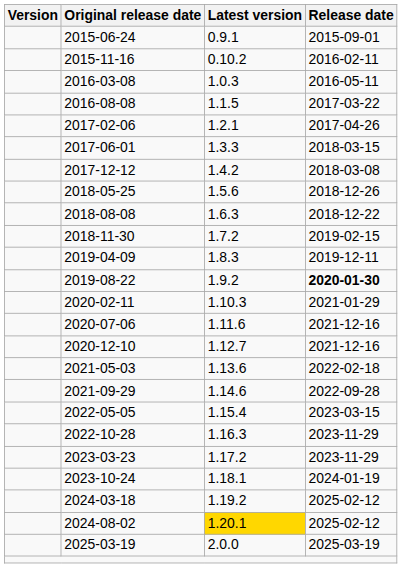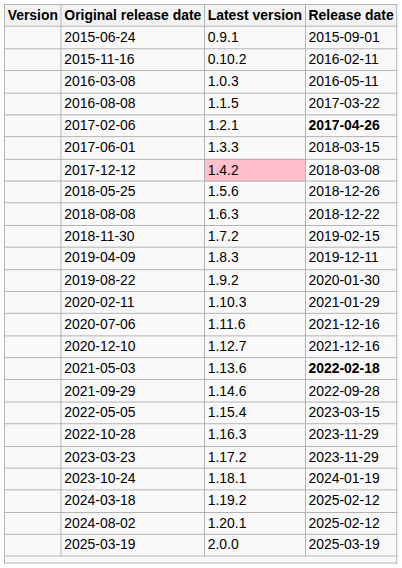 <table class="wikitable">
 <tr>
 <th>Version</th>
 <th>Original release date</th>
 <th>Latest version</th>
 <th>Release date</th>
 </tr>
 <tr>
 <td></td>
 <td>2015-06-24</td>
 <td>0.9.1</td>
 <td>2015-09-01</td>
 </tr>
 <tr>
 <td></td>
 <td>2015-11-16</td>
 <td>0.10.2</td>
 <td>2016-02-11</td>
 </tr>
 <tr>
 <td></td>
 <td>2016-03-08</td>
 <td>1.0.3</td>
 <td>2016-05-11</td>
 </tr>
 <tr>
 <td></td>
 <td>2016-08-08</td>
 <td>1.1.5</td>
 <td>2017-03-22</td>
 </tr>
 <tr>
 <td></td>
 <td>2017-02-06</td>
 <td>1.2.1</td>
-<td>2017-04-26</td>
+<td><strong>2017-04-26</strong></td>
 </tr>
 <tr>
 <td></td>
 <td>2017-06-01</td>
 <td>1.3.3</td>
 <td>2018-03-15</td>
 </tr>
 <tr>
 <td></td>
 <td>2017-12-12</td>
-<td>1.4.2</td>
+<td style="background: pink;">1.4.2</td>
 <td>2018-03-08</td>
 </tr>
 <tr>
 <td></td>
 <td>2018-05-25</td>
 <td>1.5.6</td>
 <td>2018-12-26</td>
 </tr>
 <tr>
 <td></td>
 <td>2018-08-08</td>
 <td>1.6.3</td>
 <td>2018-12-22</td>
 </tr>
 <tr>
 <td></td>
 <td>2018-11-30</td>
 <td>1.7.2</td>
 <td>2019-02-15</td>
 </tr>
 <tr>
 <td></td>
 <td>2019-04-09</td>
 <td>1.8.3</td>
 <td>2019-12-11</td>
 </tr>
 <tr>
 <td></td>
 <td>2019-08-22</td>
 <td>1.9.2</td>
-<td><strong>2020-01-30</strong></td>
+<td>2020-01-30</td>
 </tr>
 <tr>
 <td></td>
 <td>2020-02-11</td>
 <td>1.10.3</td>
 <td>2021-01-29</td>
 </tr>
 <tr>
 <td></td>
 <td>2020-07-06</td>
 <td>1.11.6</td>
 <td>2021-12-16</td>
 </tr>
 <tr>
 <td></td>
 <td>2020-12-10</td>
 <td>1.12.7</td>
 <td>2021-12-16</td>
 </tr>
 <tr>
 <td></td>
 <td>2021-05-03</td>
 <td>1.13.6</td>
-<td>2022-02-18</td>
+<td><strong>2022-02-18</strong></td>
 </tr>
 <tr>
 <td></td>
 <td>2021-09-29</td>
 <td>1.14.6</td>
 <td>2022-09-28</td>
 </tr>
 <tr>
 <td></td>
 <td>2022-05-05</td>
 <td>1.15.4</td>
 <td>2023-03-15</td>
 </tr>
 <tr>
 <td></td>
 <td>2022-10-28</td>
 <td>1.16.3</td>
 <td>2023-11-29</td>
 </tr>
 <tr>
 <td></td>
 <td>2023-03-23</td>
 <td>1.17.2</td>
 <td>2023-11-29</td>
 </tr>
 <tr>
 <td></td>
 <td>2023-10-24</td>
 <td>1.18.1</td>
 <td>2024-01-19</td>
 </tr>
 <tr>
 <td></td>
 <td>2024-03-18</td>
 <td>1.19.2</td>
 <td>2025-02-12</td>
 </tr>
 <tr>
 <td></td>
 <td>2024-08-02</td>
-<td style="background: gold;">1.20.1</td>
+<td>1.20.1</td>
 <td>2025-02-12</td>
 </tr>
 <tr>
 <td></td>
 <td>2025-03-19</td>
 <td>2.0.0</td>
 <td>2025-03-19</td>
 </tr>
 <tr>
 <td colspan="5"><small></small></td>
 </tr>
 </table>
